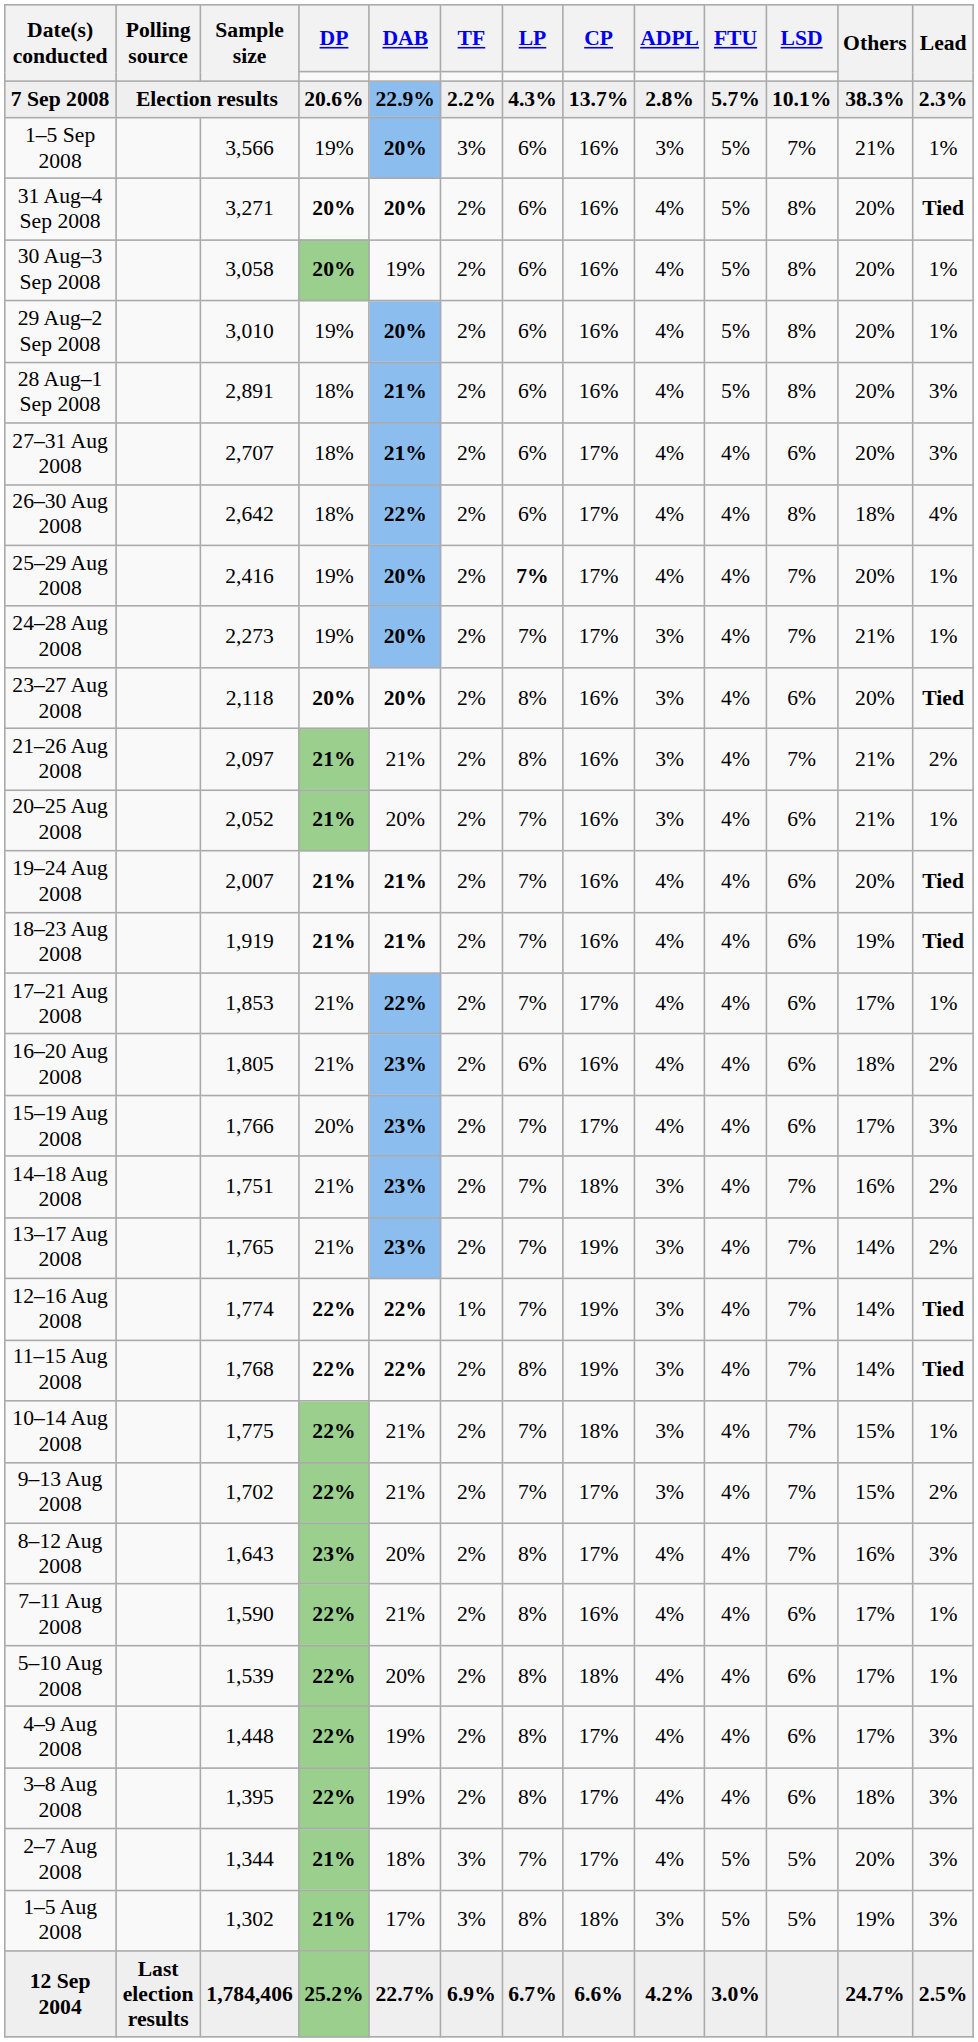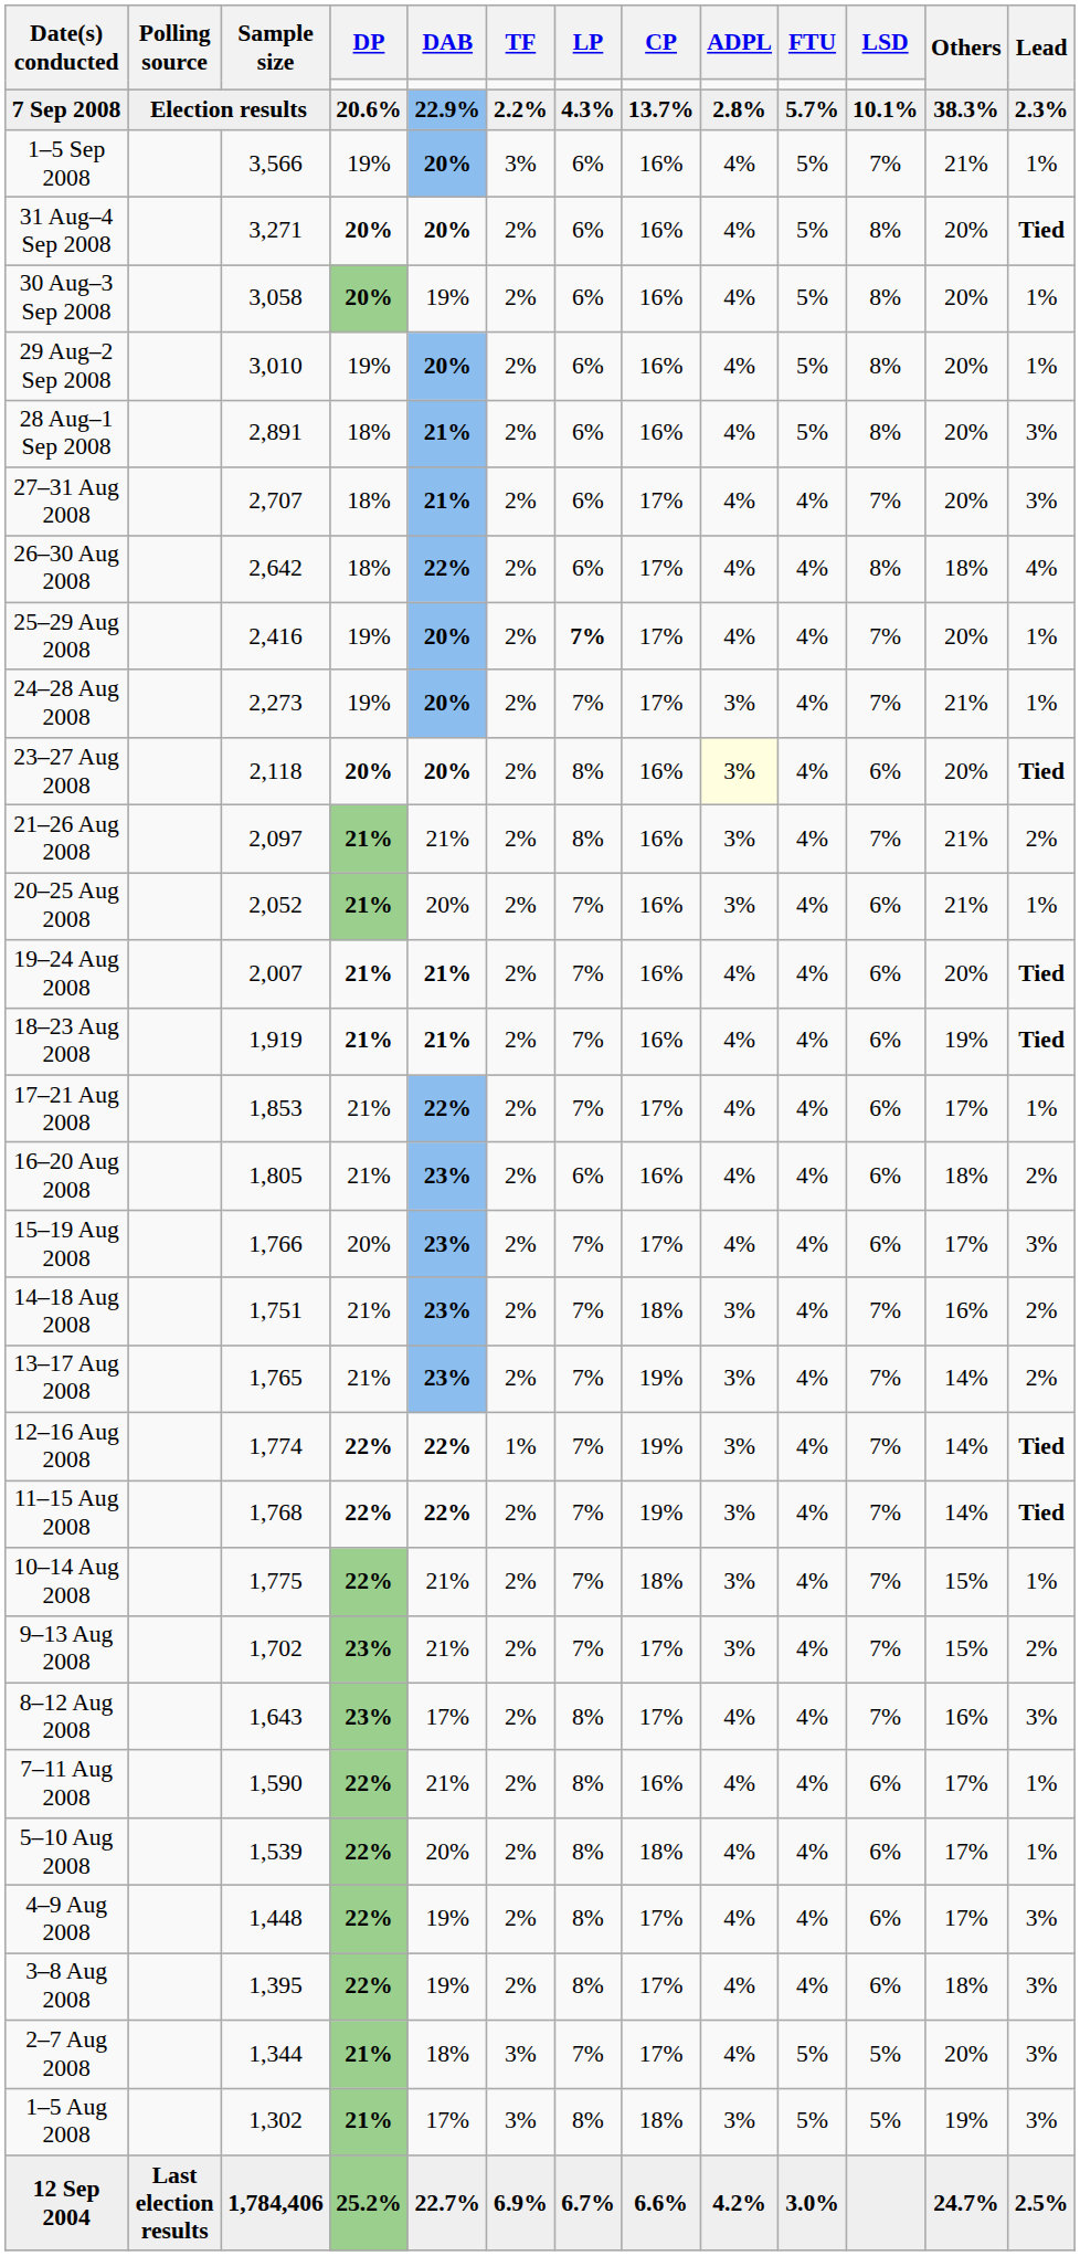 <table class="wikitable collapsible" style="text-align:center; font-size:85%; line-height:16px; margin-bottom:0">
 <tr style="height:42px; background:#e9e9e9;">
 <th style="width:130px;" rowspan=2>Date(s)<br>conducted</th>
 <th style="width:100px;" rowspan="2">Polling source</th>
 <th style="width:65px;" rowspan=2>Sample size</th>
 <th style="width:58px;"><a href='#'>DP</a></th>
 <th style="width:58px;"><a href='#'>DAB</a></th>
 <th style="width:58px;"><a href='#'>TF</a></th>
 <th style="width:58px;"><a href='#'>LP</a></th>
 <th style="width:58px;"><a href='#'>CP</a></th>
 <th style="width:58px;"><a href='#'>ADPL</a></th>
 <th style="width:58px;"><a href='#'>FTU</a></th>
 <th style="width:58px;"><a href='#'>LSD</a></th>
 <th style="width:58px;" rowspan=2>Others</th>
 <th style="width:58px;" rowspan=2>Lead</th>
 </tr>
 <tr>
 <td></td>
 <td></td>
 <td></td>
 <td></td>
 <td></td>
 <td></td>
 <td></td>
 <td></td>
 </tr>
 <tr style="background:#EFEFEF; font-weight:bold;">
 <td>7 Sep 2008</td>
 <td colspan=2>Election results</td>
 <td>20.6%</td>
 <td style="background:#8bbdef;">22.9%</td>
 <td>2.2%</td>
 <td>4.3%</td>
 <td>13.7%</td>
 <td>2.8%</td>
 <td>5.7%</td>
 <td>10.1%</td>
 <td>38.3%</td>
 <td style="background:">2.3%</td>
 </tr>
 <tr>
 <td>1–5 Sep 2008</td>
 <td></td>
 <td>3,566</td>
 <td>19%</td>
 <td style="background:#8bbdef;"><strong>20%</strong></td>
 <td>3%</td>
 <td>6%</td>
 <td>16%</td>
-<td>3%</td>
+<td>4%</td>
 <td>5%</td>
 <td>7%</td>
 <td>21%</td>
 <td style="background:">1%</td>
 </tr>
 <tr>
 <td>31 Aug–4 Sep 2008</td>
 <td></td>
 <td>3,271</td>
 <td><strong>20%</strong></td>
 <td><strong>20%</strong></td>
 <td>2%</td>
 <td>6%</td>
 <td>16%</td>
 <td>4%</td>
 <td>5%</td>
 <td>8%</td>
 <td>20%</td>
 <td><strong>Tied</strong></td>
 </tr>
 <tr>
 <td>30 Aug–3 Sep 2008</td>
 <td></td>
 <td>3,058</td>
 <td style="background:#9BCF8D;"><strong>20%</strong></td>
 <td>19%</td>
 <td>2%</td>
 <td>6%</td>
 <td>16%</td>
 <td>4%</td>
 <td>5%</td>
 <td>8%</td>
 <td>20%</td>
 <td style="background:">1%</td>
 </tr>
 <tr>
 <td>29 Aug–2 Sep 2008</td>
 <td></td>
 <td>3,010</td>
 <td>19%</td>
 <td style="background:#8bbdef;"><strong>20%</strong></td>
 <td>2%</td>
 <td>6%</td>
 <td>16%</td>
 <td>4%</td>
 <td>5%</td>
 <td>8%</td>
 <td>20%</td>
 <td style="background:">1%</td>
 </tr>
 <tr>
 <td>28 Aug–1 Sep 2008</td>
 <td></td>
 <td>2,891</td>
 <td>18%</td>
 <td style="background:#8bbdef;"><strong>21%</strong></td>
 <td>2%</td>
 <td>6%</td>
 <td>16%</td>
 <td>4%</td>
 <td>5%</td>
 <td>8%</td>
 <td>20%</td>
 <td style="background:">3%</td>
 </tr>
 <tr>
 <td>27–31 Aug 2008</td>
 <td></td>
 <td>2,707</td>
 <td>18%</td>
 <td style="background:#8bbdef;"><strong>21%</strong></td>
 <td>2%</td>
 <td>6%</td>
 <td>17%</td>
 <td>4%</td>
 <td>4%</td>
-<td>6%</td>
+<td>7%</td>
 <td>20%</td>
 <td style="background:">3%</td>
 </tr>
 <tr>
 <td>26–30 Aug 2008</td>
 <td></td>
 <td>2,642</td>
 <td>18%</td>
 <td style="background:#8bbdef;"><strong>22%</strong></td>
 <td>2%</td>
 <td>6%</td>
 <td>17%</td>
 <td>4%</td>
 <td>4%</td>
 <td>8%</td>
 <td>18%</td>
 <td style="background:">4%</td>
 </tr>
 <tr>
 <td>25–29 Aug 2008</td>
 <td></td>
 <td>2,416</td>
 <td>19%</td>
 <td style="background:#8bbdef;"><strong>20%</strong></td>
 <td>2%</td>
 <td><strong>7%</strong></td>
 <td>17%</td>
 <td>4%</td>
 <td>4%</td>
 <td>7%</td>
 <td>20%</td>
 <td style="background:">1%</td>
 </tr>
 <tr>
 <td>24–28 Aug 2008</td>
 <td></td>
 <td>2,273</td>
 <td>19%</td>
 <td style="background:#8bbdef;"><strong>20%</strong></td>
 <td>2%</td>
 <td>7%</td>
 <td>17%</td>
 <td>3%</td>
 <td>4%</td>
 <td>7%</td>
 <td>21%</td>
 <td style="background:">1%</td>
 </tr>
 <tr>
 <td>23–27 Aug 2008</td>
 <td></td>
 <td>2,118</td>
 <td><strong>20%</strong></td>
 <td><strong>20%</strong></td>
 <td>2%</td>
 <td>8%</td>
 <td>16%</td>
-<td>3%</td>
+<td style="background: lightyellow;">3%</td>
 <td>4%</td>
 <td>6%</td>
 <td>20%</td>
 <td><strong>Tied</strong></td>
 </tr>
 <tr>
 <td>21–26 Aug 2008</td>
 <td></td>
 <td>2,097</td>
 <td style="background:#9BCF8D;"><strong>21%</strong></td>
 <td>21%</td>
 <td>2%</td>
 <td>8%</td>
 <td>16%</td>
 <td>3%</td>
 <td>4%</td>
 <td>7%</td>
 <td>21%</td>
 <td style="background:">2%</td>
 </tr>
 <tr>
 <td>20–25 Aug 2008</td>
 <td></td>
 <td>2,052</td>
 <td style="background:#9BCF8D;"><strong>21%</strong></td>
 <td>20%</td>
 <td>2%</td>
 <td>7%</td>
 <td>16%</td>
 <td>3%</td>
 <td>4%</td>
 <td>6%</td>
 <td>21%</td>
 <td style="background:">1%</td>
 </tr>
 <tr>
 <td>19–24 Aug 2008</td>
 <td></td>
 <td>2,007</td>
 <td><strong>21%</strong></td>
 <td><strong>21%</strong></td>
 <td>2%</td>
 <td>7%</td>
 <td>16%</td>
 <td>4%</td>
 <td>4%</td>
 <td>6%</td>
 <td>20%</td>
 <td><strong>Tied</strong></td>
 </tr>
 <tr>
 <td>18–23 Aug 2008</td>
 <td></td>
 <td>1,919</td>
 <td><strong>21%</strong></td>
 <td><strong>21%</strong></td>
 <td>2%</td>
 <td>7%</td>
 <td>16%</td>
 <td>4%</td>
 <td>4%</td>
 <td>6%</td>
 <td>19%</td>
 <td><strong>Tied</strong></td>
 </tr>
 <tr>
 <td>17–21 Aug 2008</td>
 <td></td>
 <td>1,853</td>
 <td>21%</td>
 <td style="background:#8bbdef;"><strong>22%</strong></td>
 <td>2%</td>
 <td>7%</td>
 <td>17%</td>
 <td>4%</td>
 <td>4%</td>
 <td>6%</td>
 <td>17%</td>
 <td style="background:">1%</td>
 </tr>
 <tr>
 <td>16–20 Aug 2008</td>
 <td></td>
 <td>1,805</td>
 <td>21%</td>
 <td style="background:#8bbdef;"><strong>23%</strong></td>
 <td>2%</td>
 <td>6%</td>
 <td>16%</td>
 <td>4%</td>
 <td>4%</td>
 <td>6%</td>
 <td>18%</td>
 <td style="background:">2%</td>
 </tr>
 <tr>
 <td>15–19 Aug 2008</td>
 <td></td>
 <td>1,766</td>
 <td>20%</td>
 <td style="background:#8bbdef;"><strong>23%</strong></td>
 <td>2%</td>
 <td>7%</td>
 <td>17%</td>
 <td>4%</td>
 <td>4%</td>
 <td>6%</td>
 <td>17%</td>
 <td style="background:">3%</td>
 </tr>
 <tr>
 <td>14–18 Aug 2008</td>
 <td></td>
 <td>1,751</td>
 <td>21%</td>
 <td style="background:#8bbdef;"><strong>23%</strong></td>
 <td>2%</td>
 <td>7%</td>
 <td>18%</td>
 <td>3%</td>
 <td>4%</td>
 <td>7%</td>
 <td>16%</td>
 <td style="background:">2%</td>
 </tr>
 <tr>
 <td>13–17 Aug 2008</td>
 <td></td>
 <td>1,765</td>
 <td>21%</td>
 <td style="background:#8bbdef;"><strong>23%</strong></td>
 <td>2%</td>
 <td>7%</td>
 <td>19%</td>
 <td>3%</td>
 <td>4%</td>
 <td>7%</td>
 <td>14%</td>
 <td style="background:">2%</td>
 </tr>
 <tr>
 <td>12–16 Aug 2008</td>
 <td></td>
 <td>1,774</td>
 <td><strong>22%</strong></td>
 <td><strong>22%</strong></td>
 <td>1%</td>
 <td>7%</td>
 <td>19%</td>
 <td>3%</td>
 <td>4%</td>
 <td>7%</td>
 <td>14%</td>
 <td><strong>Tied</strong></td>
 </tr>
 <tr>
 <td>11–15 Aug 2008</td>
 <td></td>
 <td>1,768</td>
 <td><strong>22%</strong></td>
 <td><strong>22%</strong></td>
 <td>2%</td>
-<td>8%</td>
+<td>7%</td>
 <td>19%</td>
 <td>3%</td>
 <td>4%</td>
 <td>7%</td>
 <td>14%</td>
 <td><strong>Tied</strong></td>
 </tr>
 <tr>
 <td>10–14 Aug 2008</td>
 <td></td>
 <td>1,775</td>
 <td style="background:#9BCF8D;"><strong>22%</strong></td>
 <td>21%</td>
 <td>2%</td>
 <td>7%</td>
 <td>18%</td>
 <td>3%</td>
 <td>4%</td>
 <td>7%</td>
 <td>15%</td>
 <td style="background:">1%</td>
 </tr>
 <tr>
 <td>9–13 Aug 2008</td>
 <td></td>
 <td>1,702</td>
-<td style="background:#9BCF8D;"><strong>22%</strong></td>
+<td style="background:#9BCF8D;"><strong>23%</strong></td>
 <td>21%</td>
 <td>2%</td>
 <td>7%</td>
 <td>17%</td>
 <td>3%</td>
 <td>4%</td>
 <td>7%</td>
 <td>15%</td>
 <td style="background:">2%</td>
 </tr>
 <tr>
 <td>8–12 Aug 2008</td>
 <td></td>
 <td>1,643</td>
 <td style="background:#9BCF8D;"><strong>23%</strong></td>
-<td>20%</td>
+<td>17%</td>
 <td>2%</td>
 <td>8%</td>
 <td>17%</td>
 <td>4%</td>
 <td>4%</td>
 <td>7%</td>
 <td>16%</td>
 <td style="background:">3%</td>
 </tr>
 <tr>
 <td>7–11 Aug 2008</td>
 <td></td>
 <td>1,590</td>
 <td style="background:#9BCF8D;"><strong>22%</strong></td>
 <td>21%</td>
 <td>2%</td>
 <td>8%</td>
 <td>16%</td>
 <td>4%</td>
 <td>4%</td>
 <td>6%</td>
 <td>17%</td>
 <td style="background:">1%</td>
 </tr>
 <tr>
 <td>5–10 Aug 2008</td>
 <td></td>
 <td>1,539</td>
 <td style="background:#9BCF8D;"><strong>22%</strong></td>
 <td>20%</td>
 <td>2%</td>
 <td>8%</td>
 <td>18%</td>
 <td>4%</td>
 <td>4%</td>
 <td>6%</td>
 <td>17%</td>
 <td style="background:">1%</td>
 </tr>
 <tr>
 <td>4–9 Aug 2008</td>
 <td></td>
 <td>1,448</td>
 <td style="background:#9BCF8D;"><strong>22%</strong></td>
 <td>19%</td>
 <td>2%</td>
 <td>8%</td>
 <td>17%</td>
 <td>4%</td>
 <td>4%</td>
 <td>6%</td>
 <td>17%</td>
 <td style="background:">3%</td>
 </tr>
 <tr>
 <td>3–8 Aug 2008</td>
 <td></td>
 <td>1,395</td>
 <td style="background:#9BCF8D;"><strong>22%</strong></td>
 <td>19%</td>
 <td>2%</td>
 <td>8%</td>
 <td>17%</td>
 <td>4%</td>
 <td>4%</td>
 <td>6%</td>
 <td>18%</td>
 <td style="background:">3%</td>
 </tr>
 <tr>
 <td>2–7 Aug 2008</td>
 <td></td>
 <td>1,344</td>
 <td style="background:#9BCF8D;"><strong>21%</strong></td>
 <td>18%</td>
 <td>3%</td>
 <td>7%</td>
 <td>17%</td>
 <td>4%</td>
 <td>5%</td>
 <td>5%</td>
 <td>20%</td>
 <td style="background:">3%</td>
 </tr>
 <tr>
 <td>1–5 Aug 2008</td>
 <td></td>
 <td>1,302</td>
 <td style="background:#9BCF8D;"><strong>21%</strong></td>
 <td>17%</td>
 <td>3%</td>
 <td>8%</td>
 <td>18%</td>
 <td>3%</td>
 <td>5%</td>
 <td>5%</td>
 <td>19%</td>
 <td style="background:">3%</td>
 </tr>
 <tr style="background:#EFEFEF; font-weight:bold;">
 <td>12 Sep 2004</td>
 <td>Last election results</td>
 <td>1,784,406</td>
 <td style="background:#9BCF8D;">25.2%</td>
 <td>22.7%</td>
 <td>6.9%</td>
 <td>6.7%</td>
 <td>6.6%</td>
 <td>4.2%</td>
 <td>3.0%</td>
 <td></td>
 <td>24.7%</td>
 <td style="background:">2.5%</td>
 </tr>
 </table>
